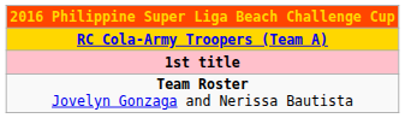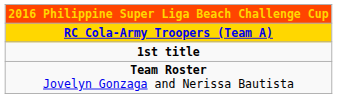 <table class=wikitable style="text-align:center; margin:auto;">
 <tr>
 <th style="background:#FF4500; color:#FFD700;">2016 Philippine Super Liga Beach Challenge Cup</th>
 </tr>
 <tr bgcolor="gold">
 <td><strong><a href='#'>RC Cola-Army Troopers (Team A)</a></strong></td>
 </tr>
 <tr>
-<td style="background: pink;"><strong>1st title</strong></td>
+<td><strong>1st title</strong></td>
 </tr>
 <tr>
 <td><strong>Team Roster</strong><br><a href='#'>Jovelyn Gonzaga</a> and Nerissa Bautista</td>
 </tr>
 </table>
